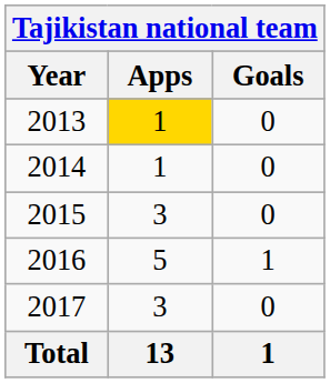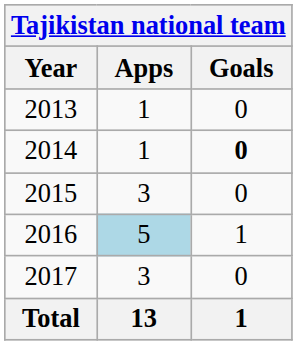 <table class="wikitable" style="text-align:center">
 <tr>
 <th colspan=3><a href='#'>Tajikistan national team</a></th>
 </tr>
 <tr>
 <th>Year</th>
 <th>Apps</th>
 <th>Goals</th>
 </tr>
 <tr>
 <td>2013</td>
-<td style="background: gold;">1</td>
+<td>1</td>
 <td>0</td>
 </tr>
 <tr>
 <td>2014</td>
 <td>1</td>
-<td>0</td>
+<td><strong>0</strong></td>
 </tr>
 <tr>
 <td>2015</td>
 <td>3</td>
 <td>0</td>
 </tr>
 <tr>
 <td>2016</td>
-<td>5</td>
+<td style="background: lightblue;">5</td>
 <td>1</td>
 </tr>
 <tr>
 <td>2017</td>
 <td>3</td>
 <td>0</td>
 </tr>
 <tr>
 <th>Total</th>
 <th>13</th>
 <th>1</th>
 </tr>
 </table>
